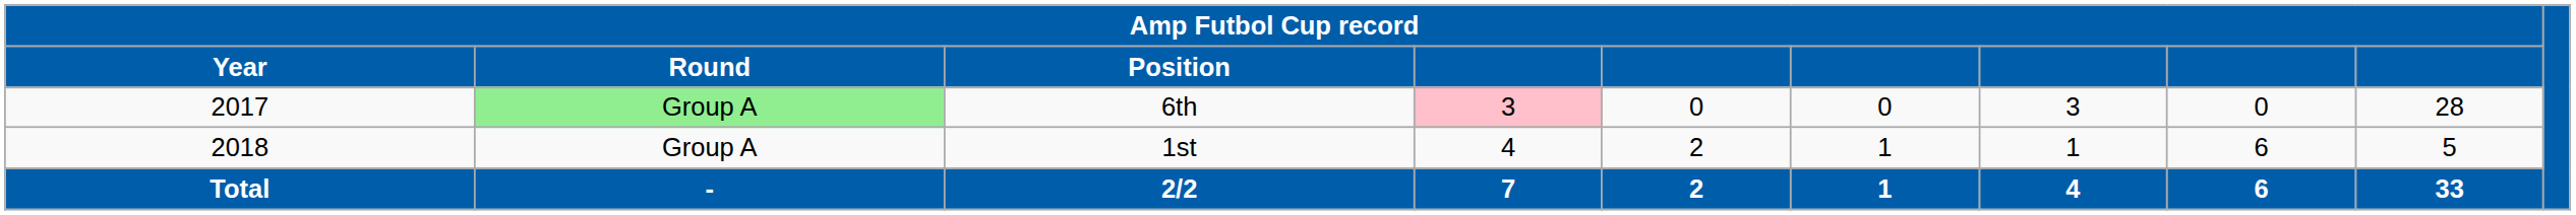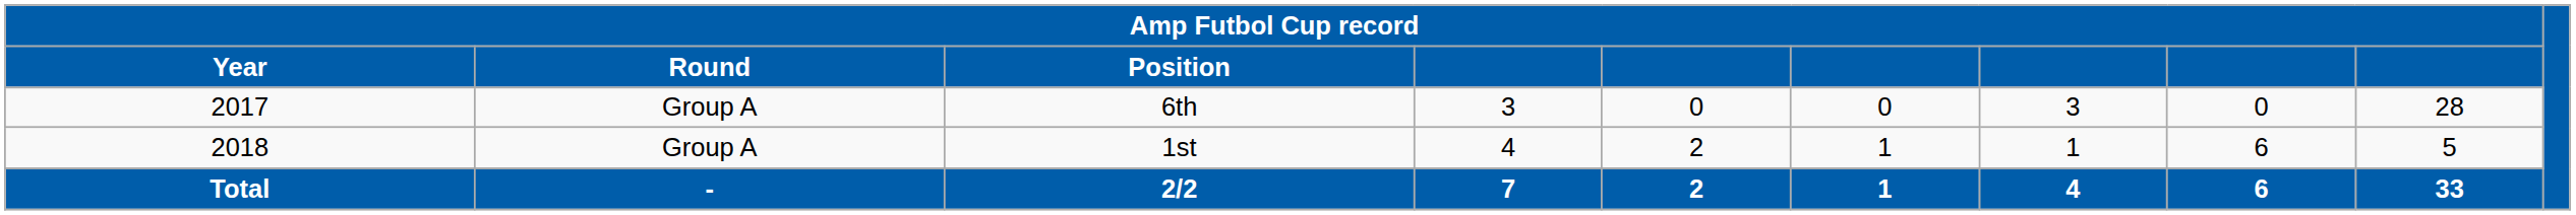 <table class="wikitable" style="width:90%; font-size:90%; text-align:center;">
 <tr style="color:white;">
 <th style="background:#005DAA;" colspan=9>Amp Futbol Cup record</th>
 <th style="width:1%; background:#005DAA;" rowspan="20"></th>
 </tr>
 <tr style="color:white;">
 <th style="width:60px; background:#005DAA;">Year</th>
 <th style="width:60px; background:#005DAA;">Round</th>
 <th style="width:60px; background:#005DAA;">Position</th>
 <th style="width:20px; background:#005DAA;"></th>
 <th style="width:20px; background:#005DAA;"></th>
 <th style="width:20px; background:#005DAA;"></th>
 <th style="width:20px; background:#005DAA;"></th>
 <th style="width:20px; background:#005DAA;"></th>
 <th style="width:20px; background:#005DAA;"></th>
 </tr>
 <tr>
 <td> 2017</td>
-<td style="background: lightgreen;">Group A</td>
+<td>Group A</td>
 <td>6th</td>
-<td style="background: pink;">3</td>
+<td>3</td>
 <td>0</td>
 <td>0</td>
 <td>3</td>
 <td>0</td>
 <td>28</td>
 </tr>
 <tr>
 <td> 2018</td>
 <td>Group A</td>
 <td>1st</td>
 <td>4</td>
 <td>2</td>
 <td>1</td>
 <td>1</td>
 <td>6</td>
 <td>5</td>
 </tr>
 <tr>
 </tr>
 <tr style="color:white;">
 <th style="background:#005DAA;">Total</th>
 <th style="background:#005DAA;">-</th>
 <th style="background:#005DAA;">2/2</th>
 <th style="background:#005DAA;">7</th>
 <th style="background:#005DAA;">2</th>
 <th style="background:#005DAA;">1</th>
 <th style="background:#005DAA;">4</th>
 <th style="background:#005DAA;">6</th>
 <th style="background:#005DAA;">33</th>
 </tr>
 </table>
